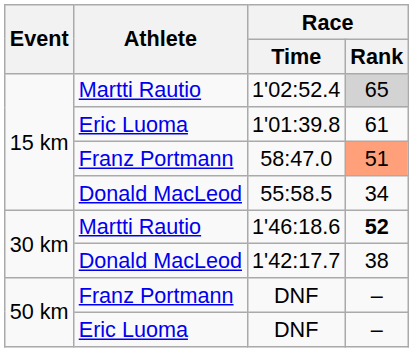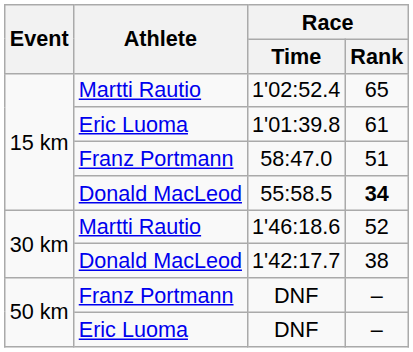 <table class="wikitable" border="1" style="font-size:90%">
 <tr>
 <th rowspan=2>Event</th>
 <th rowspan=2>Athlete</th>
 <th colspan=2>Race</th>
 </tr>
 <tr>
 <th>Time</th>
 <th>Rank</th>
 </tr>
 <tr>
 <td rowspan=4>15 km</td>
 <td><a href='#'>Martti Rautio</a></td>
 <td align=center>1'02:52.4</td>
-<td align=center style="background: lightgrey;">65</td>
+<td align=center>65</td>
 </tr>
 <tr>
 <td><a href='#'>Eric Luoma</a></td>
 <td align=center>1'01:39.8</td>
 <td align=center>61</td>
 </tr>
 <tr>
 <td><a href='#'>Franz Portmann</a></td>
 <td align=center>58:47.0</td>
-<td align=center style="background: lightsalmon;">51</td>
+<td align=center>51</td>
 </tr>
 <tr>
 <td><a href='#'>Donald MacLeod</a></td>
 <td align=center>55:58.5</td>
-<td align=center>34</td>
+<td align=center><strong>34</strong></td>
 </tr>
 <tr>
 <td rowspan=2>30 km</td>
 <td><a href='#'>Martti Rautio</a></td>
 <td align=center>1'46:18.6</td>
-<td align=center><strong>52</strong></td>
+<td align=center>52</td>
 </tr>
 <tr>
 <td><a href='#'>Donald MacLeod</a></td>
 <td align=center>1'42:17.7</td>
 <td align=center>38</td>
 </tr>
 <tr>
 <td rowspan=2>50 km</td>
 <td><a href='#'>Franz Portmann</a></td>
 <td align=center>DNF</td>
 <td align=center>–</td>
 </tr>
 <tr>
 <td><a href='#'>Eric Luoma</a></td>
 <td align=center>DNF</td>
 <td align=center>–</td>
 </tr>
 </table>
